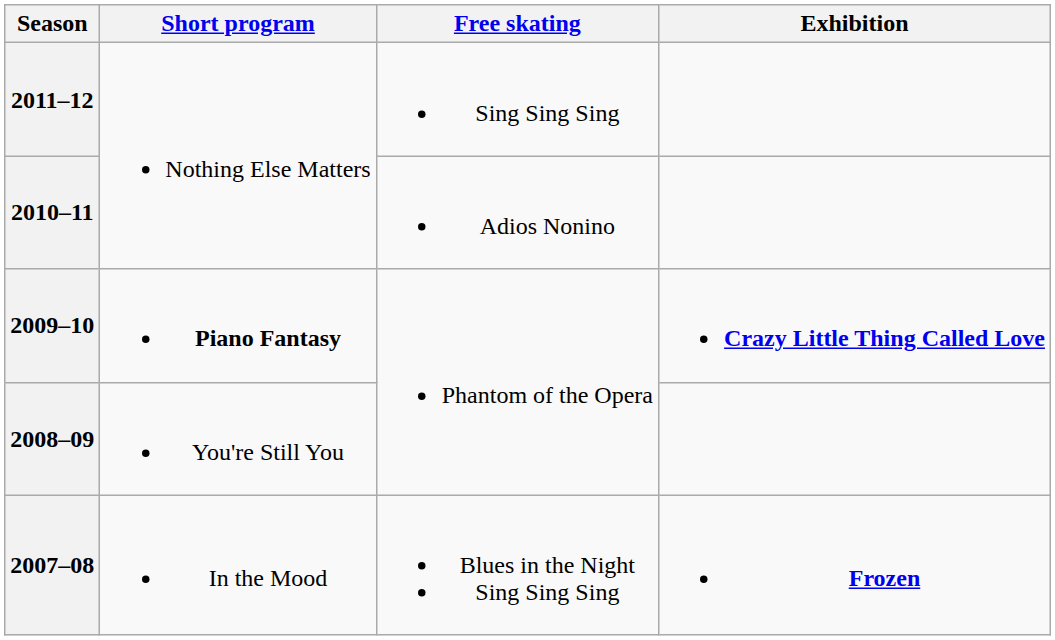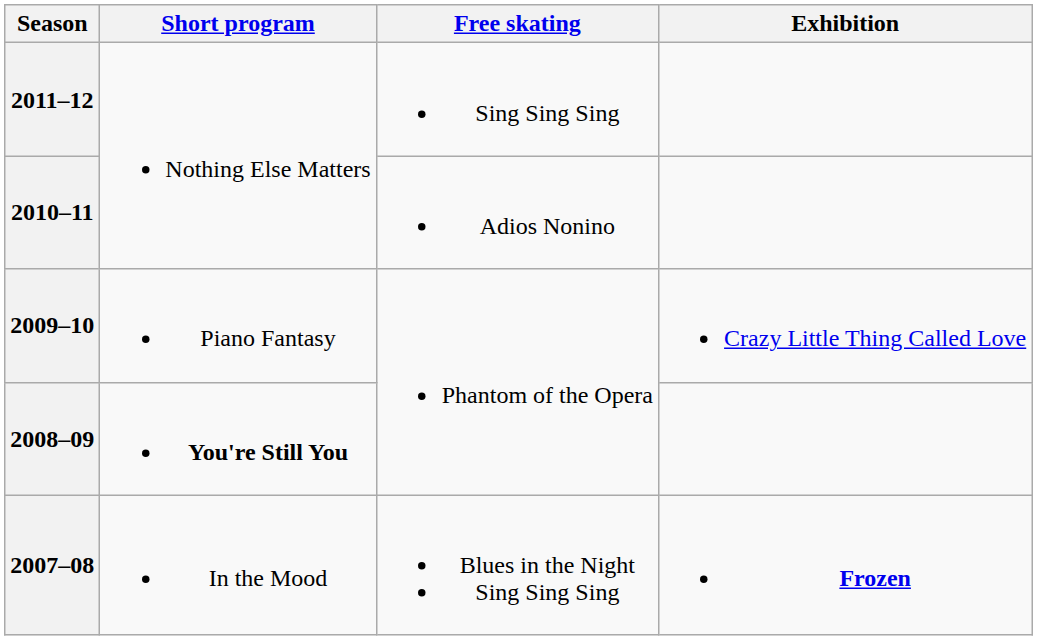 <table class=wikitable style=text-align:center>
 <tr>
 <th>Season</th>
 <th><a href='#'>Short program</a></th>
 <th><a href='#'>Free skating</a></th>
 <th>Exhibition</th>
 </tr>
 <tr>
 <th>2011–12 <br> </th>
 <td rowspan=2><br><ul><li>Nothing Else Matters <br></li></ul></td>
 <td><br><ul><li>Sing Sing Sing <br></li></ul></td>
 <td></td>
 </tr>
 <tr>
 <th>2010–11 <br> </th>
 <td><br><ul><li>Adios Nonino <br></li></ul></td>
 <td></td>
 </tr>
 <tr>
 <th>2009–10 <br> </th>
-<td><strong><br><ul><li>Piano Fantasy <br></li></ul></strong></td>
+<td><br><ul><li>Piano Fantasy <br></li></ul></td>
 <td rowspan=2><br><ul><li>Phantom of the Opera <br></li></ul></td>
-<td><strong><br><ul><li><a href='#'>Crazy Little Thing Called Love</a> <br></li></ul></strong></td>
+<td><br><ul><li><a href='#'>Crazy Little Thing Called Love</a> <br></li></ul></td>
 </tr>
 <tr>
 <th>2008–09 <br> </th>
-<td><br><ul><li>You're Still You <br></li></ul></td>
+<td><strong><br><ul><li>You're Still You <br></li></ul></strong></td>
 <td></td>
 </tr>
 <tr>
 <th>2007–08 <br> </th>
 <td><br><ul><li>In the Mood <br></li></ul></td>
 <td><br><ul><li>Blues in the Night <br></li><li>Sing Sing Sing <br></li></ul></td>
 <td><strong><br><ul><li><a href='#'>Frozen</a> <br></li></ul></strong></td>
 </tr>
 </table>
